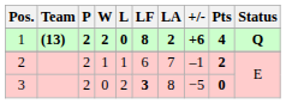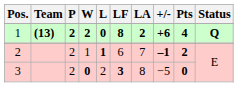 <table class="wikitable" style="text-align:center; margin: 1em auto 1em auto, align:left">
 <tr>
 <th>Pos.</th>
 <th>Team</th>
 <th>P</th>
 <th>W</th>
 <th>L</th>
 <th>LF</th>
 <th>LA</th>
 <th>+/-</th>
 <th>Pts</th>
 <th>Status</th>
 </tr>
 <tr>
 </tr>
 <tr style="background-color:#ccffcc">
 <td>1</td>
 <td style="text-align:left;"><strong> (13)</strong></td>
 <td><strong>2</strong></td>
 <td><strong>2</strong></td>
 <td><strong>0</strong></td>
 <td><strong>8</strong></td>
 <td><strong>2</strong></td>
 <td><strong>+6</strong></td>
 <td><strong>4</strong></td>
 <td><strong>Q</strong></td>
 </tr>
 <tr>
 </tr>
 <tr style="background-color:#FFCCCC">
 <td>2</td>
 <td style="text-align:left;"></td>
 <td>2</td>
 <td>1</td>
-<td>1</td>
+<td><strong>1</strong></td>
 <td>6</td>
 <td>7</td>
-<td>–1</td>
+<td><strong>–1</strong></td>
 <td><strong>2</strong></td>
 <td rowspan=2>E</td>
 </tr>
 <tr style="background-color:#FFCCCC">
 <td>3</td>
 <td style="text-align:left;"></td>
 <td>2</td>
-<td>0</td>
+<td><strong>0</strong></td>
 <td>2</td>
 <td><strong>3</strong></td>
 <td>8</td>
 <td>−5</td>
 <td><strong>0</strong></td>
 </tr>
 </table>
